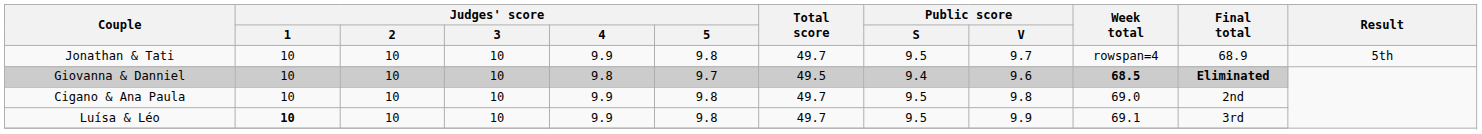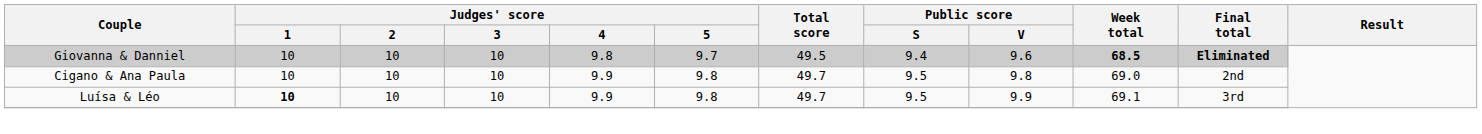 <table class="wikitable" style="font-size:100%; line-height:16px; text-align:center" width="100%">
 <tr>
 <th rowspan=2 width="11.0%">Couple</th>
 <th colspan=5 width="25.0%">Judges' score</th>
 <th rowspan=2 width="05.0%">Total<br>score</th>
 <th colspan=2 width="10.0%">Public score</th>
 <th rowspan=2 width="05.0%">Week<br>total</th>
 <th rowspan=2 width="05.0%">Final<br>total</th>
 <th rowspan=2 width="09.0%">Result<br></th>
 </tr>
 <tr>
 <th width="05.0%">1</th>
 <th width="05.0%">2</th>
 <th width="05.0%">3</th>
 <th width="05.0%">4</th>
 <th width="05.0%">5</th>
 <th width="05.0%">S</th>
 <th width="05.0%">V</th>
-</tr>
-<tr>
-<td>Jonathan & Tati</td>
-<td>10</td>
-<td>10</td>
-<td>10</td>
-<td>9.9</td>
-<td>9.8</td>
-<td>49.7</td>
-<td>9.5</td>
-<td>9.7</td>
-<td>rowspan=4 </td>
-<td>68.9</td>
-<td>5th</td>
 </tr>
 <tr bgcolor=CCCCCC>
 <td>Giovanna & Danniel</td>
 <td>10</td>
 <td>10</td>
 <td>10</td>
 <td>9.8</td>
 <td>9.7</td>
 <td>49.5</td>
 <td>9.4</td>
 <td>9.6</td>
 <td><strong>68.5</strong></td>
 <td><strong>Eliminated</strong></td>
 </tr>
 <tr>
 <td>Cigano & Ana Paula</td>
 <td>10</td>
 <td>10</td>
 <td>10</td>
 <td>9.9</td>
 <td>9.8</td>
 <td>49.7</td>
 <td>9.5</td>
 <td>9.8</td>
 <td>69.0</td>
 <td>2nd</td>
 </tr>
 <tr>
 <td>Luísa & Léo</td>
 <td><strong>10</strong></td>
 <td>10</td>
 <td>10</td>
 <td>9.9</td>
 <td>9.8</td>
 <td>49.7</td>
 <td>9.5</td>
 <td>9.9</td>
 <td>69.1</td>
 <td>3rd</td>
 </tr>
 <tr>
 </tr>
 </table>
